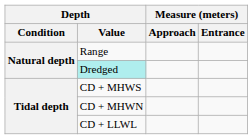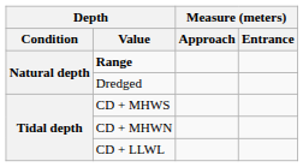 <table class="wikitable" style="font-size: 90%" align=right>
 <tr>
 <th colspan="2">Depth</th>
 <th colspan="2">Measure (meters)</th>
 </tr>
 <tr>
 <th>Condition</th>
 <th>Value</th>
 <th>Approach</th>
 <th>Entrance</th>
 </tr>
 <tr>
 <th rowspan="2">Natural depth</th>
-<td>Range</td>
+<td><strong>Range</strong></td>
 <td></td>
 <td></td>
 </tr>
 <tr>
-<td style="background: paleturquoise;">Dredged</td>
+<td>Dredged</td>
 <td></td>
 <td></td>
 </tr>
 <tr>
 <th rowspan="3">Tidal depth</th>
 <td>CD + MHWS</td>
 <td></td>
 <td></td>
 </tr>
 <tr>
 <td>CD + MHWN</td>
 <td></td>
 <td></td>
 </tr>
 <tr>
 <td>CD + LLWL</td>
 <td></td>
 <td></td>
 </tr>
 </table>
